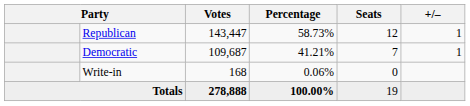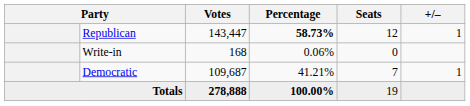 <table class="wikitable" style="font-size: 95%;">
 <tr>
 <th colspan="2" style="width: 15em">Party</th>
 <th style="width: 5em">Votes</th>
 <th style="width: 7em">Percentage</th>
 <th style="width: 5em">Seats</th>
 <th style="width: 5em">+/–</th>
 </tr>
 <tr>
 <th style="background:"></th>
 <td style="width: 130px"><a href='#'>Republican</a></td>
 <td style="text-align:right;">143,447</td>
-<td style="text-align:right;">58.73%</td>
+<td style="text-align:right;"><strong>58.73%</strong></td>
 <td style="text-align:right;">12</td>
-<td style="text-align:right;"> 1</td>
-</tr>
-<tr>
-<th style="background:"></th>
-<td style="width: 130px"><a href='#'>Democratic</a></td>
-<td style="text-align:right;">109,687</td>
-<td style="text-align:right;">41.21%</td>
-<td style="text-align:right;">7</td>
 <td style="text-align:right;"> 1</td>
 </tr>
 <tr>
 <th style="background:"></th>
 <td style="width: 130px">Write-in</td>
 <td style="text-align:right;">168</td>
 <td style="text-align:right;">0.06%</td>
 <td style="text-align:right;">0</td>
 <td style="text-align:right;"></td>
 </tr>
+<tr>
+<th style="background:"></th>
+<td style="width: 130px"><a href='#'>Democratic</a></td>
+<td style="text-align:right;">109,687</td>
+<td style="text-align:right;">41.21%</td>
+<td style="text-align:right;">7</td>
+<td style="text-align:right;"> 1</td>
+</tr>
 <tr style="background:#eee; text-align:right;">
 <td colspan="2"><strong>Totals</strong></td>
 <td><strong>278,888</strong></td>
 <td><strong>100.00%</strong></td>
 <td>19</td>
 <td></td>
 </tr>
 </table>
